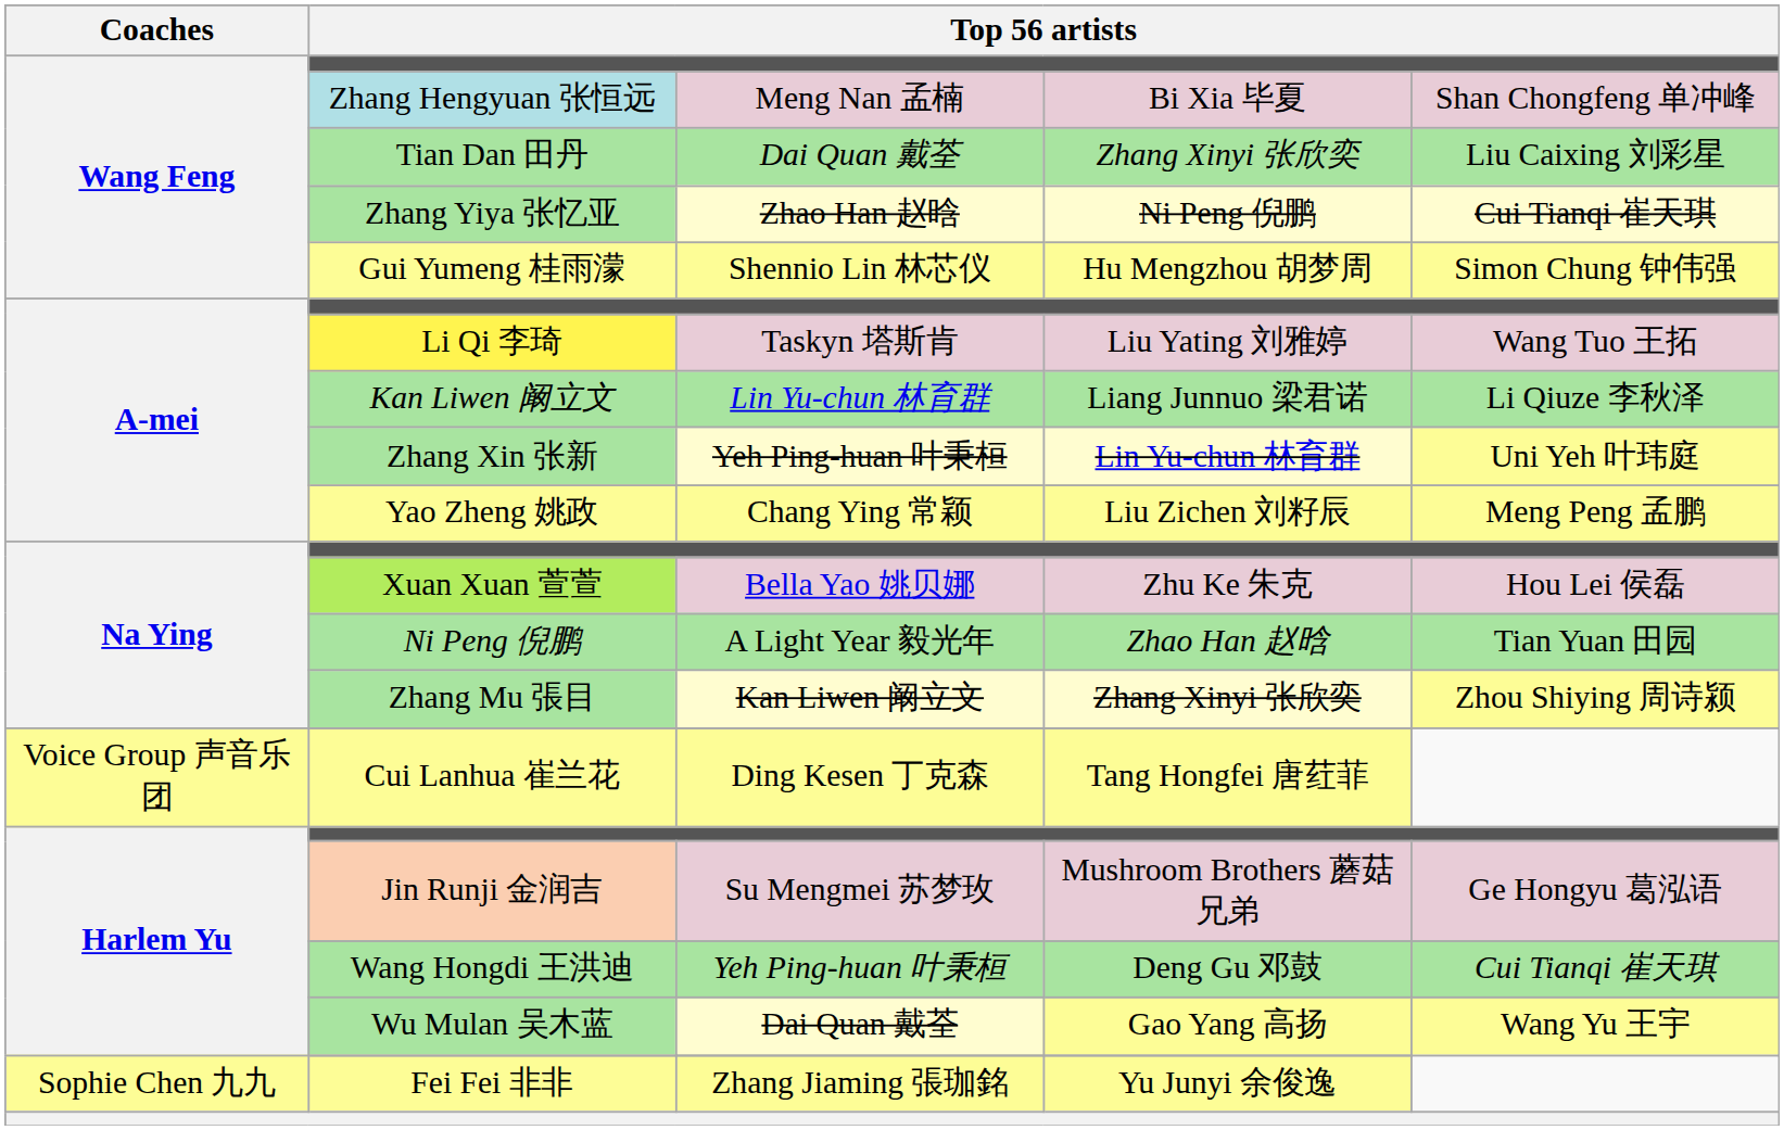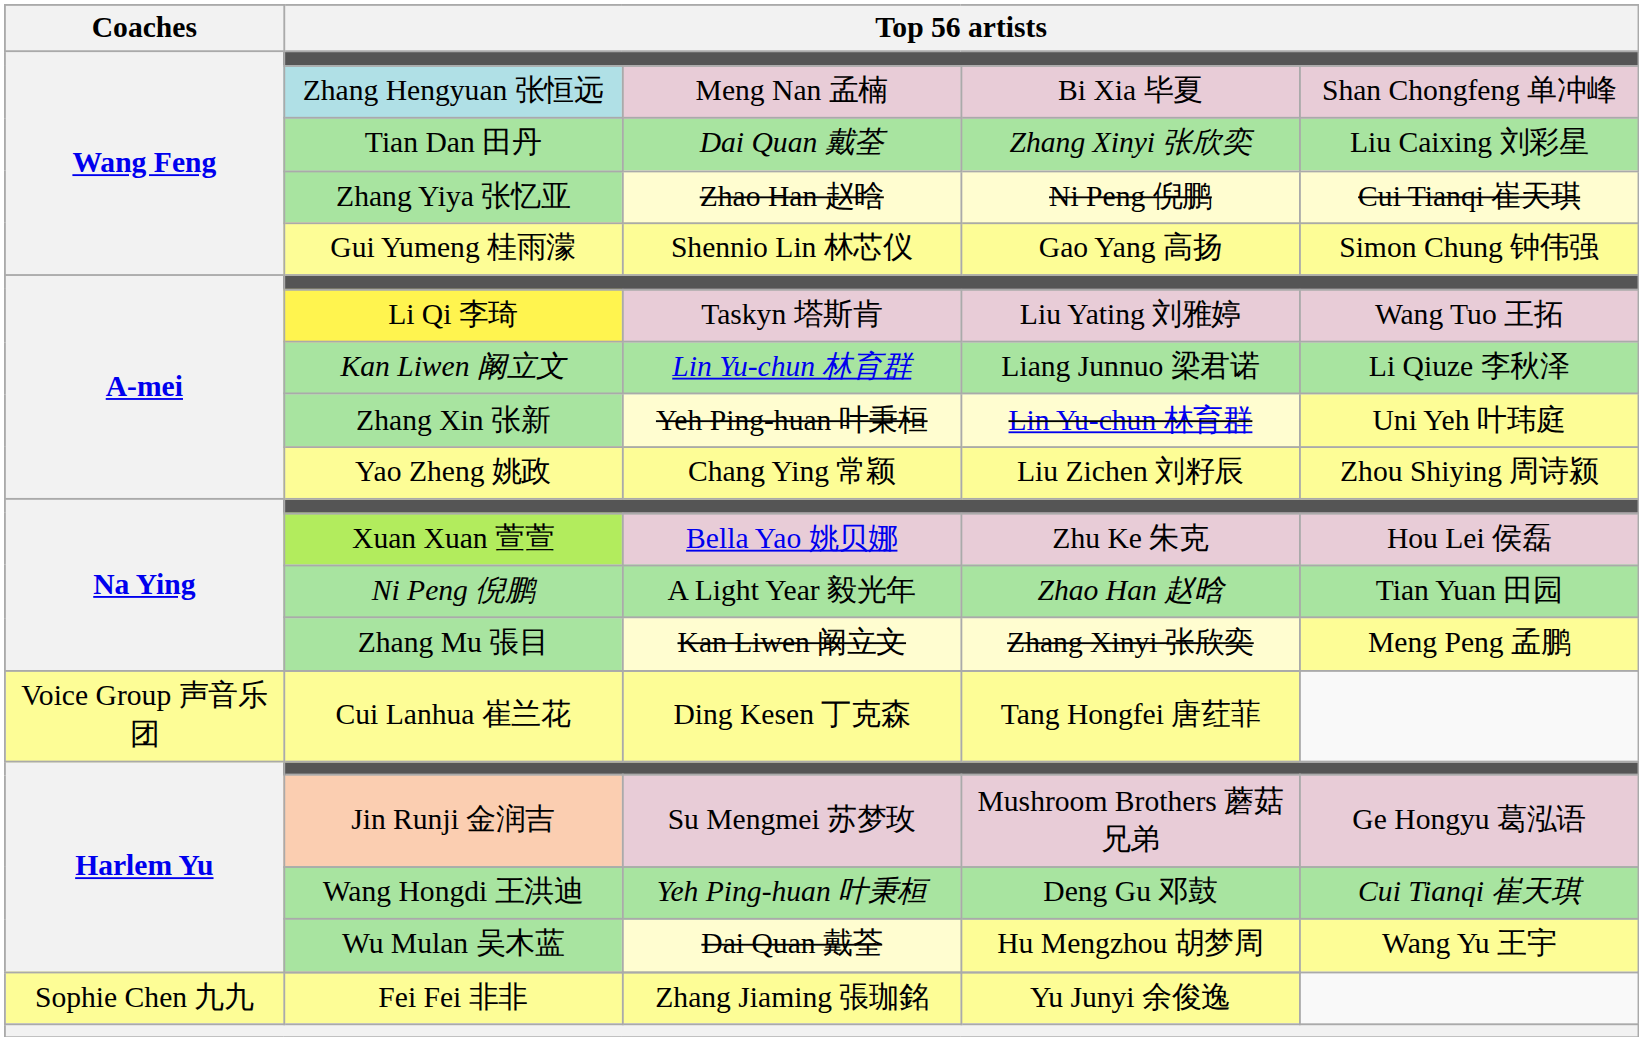 <table class="wikitable" style="text-align:center; width:100%;">
 <tr>
 <th scope="col" style="width:14%;">Coaches</th>
 <th scope="col" colspan=4>Top 56 artists</th>
 </tr>
 <tr>
 <th rowspan=5><a href='#'>Wang Feng</a></th>
 <td colspan=4 style="background:#555;"></td>
 </tr>
 <tr>
 <td width="17%" style="background:#B0E0E6;">Zhang Hengyuan 张恒远</td>
 <td width="17%" style="background:#E8CCD7;">Meng Nan 孟楠</td>
 <td width="17%" style="background:#E8CCD7;">Bi Xia 毕夏</td>
 <td width="17%" style="background:#E8CCD7;">Shan Chongfeng 单冲峰</td>
 </tr>
 <tr style="background: #A8E4A0;">
 <td>Tian Dan 田丹</td>
 <td><em>Dai Quan 戴荃</em></td>
 <td><em>Zhang Xinyi 张欣奕</em></td>
 <td>Liu Caixing 刘彩星</td>
 </tr>
 <tr>
 <td width="17%" style="background:#A8E4A0;">Zhang Yiya 张忆亚</td>
 <td style="background:#FFFDD0;"><s>Zhao Han 赵晗</s></td>
 <td style="background:#FFFDD0;"><s>Ni Peng 倪鹏</s></td>
 <td style="background:#FFFDD0;"><s>Cui Tianqi 崔天琪</s></td>
 </tr>
 <tr>
 <td style="background:#FDFD96;">Gui Yumeng 桂雨濛</td>
 <td style="background:#FDFD96;">Shennio Lin 林芯仪</td>
-<td style="background:#FDFD96;">Hu Mengzhou 胡梦周</td>
+<td style="background:#FDFD96;">Gao Yang 高扬</td>
 <td style="background:#FDFD96;">Simon Chung 钟伟强</td>
 </tr>
 <tr>
 <th rowspan=5><a href='#'>A-mei</a></th>
 <td colspan=4 style="background:#555555;"></td>
 </tr>
 <tr>
 <td width="17%" style="background:#FFF44F;">Li Qi 李琦</td>
 <td width="17%" style="background:#E8CCD7;">Taskyn 塔斯肯</td>
 <td width="17%" style="background:#E8CCD7;">Liu Yating 刘雅婷</td>
 <td width="17%" style="background:#E8CCD7;">Wang Tuo 王拓</td>
 </tr>
 <tr style="background: #A8E4A0;">
 <td><em>Kan Liwen 阚立文</em></td>
 <td><em><a href='#'>Lin Yu-chun 林育群</a></em></td>
 <td>Liang Junnuo 梁君诺</td>
 <td>Li Qiuze 李秋泽</td>
 </tr>
 <tr>
 <td width="17%" style="background:#A8E4A0;">Zhang Xin 张新</td>
 <td style="background:#FFFDD0;"><s>Yeh Ping-huan 叶秉桓</s></td>
 <td style="background:#FFFDD0;"><s><a href='#'>Lin Yu-chun 林育群</a></s></td>
 <td style="background:#FDFD96;">Uni Yeh 叶玮庭</td>
 </tr>
 <tr>
 <td style="background:#FDFD96;">Yao Zheng 姚政</td>
 <td style="background:#FDFD96;">Chang Ying 常颖</td>
 <td style="background:#FDFD96;">Liu Zichen 刘籽辰</td>
-<td style="background:#FDFD96;">Meng Peng 孟鹏</td>
+<td style="background:#FDFD96;">Zhou Shiying 周诗颍</td>
 </tr>
 <tr>
 <th rowspan=5><a href='#'>Na Ying</a></th>
 <td colspan=4 style="background:#555555;"></td>
 </tr>
 <tr>
 <td width="17%" style="background:#B2EC5D;">Xuan Xuan 萱萱</td>
 <td width="17%" style="background:#E8CCD7;"><a href='#'>Bella Yao 姚贝娜</a></td>
 <td width="17%" style="background:#E8CCD7;">Zhu Ke 朱克</td>
 <td width="17%" style="background:#E8CCD7;">Hou Lei 侯磊</td>
 </tr>
 <tr style="background: #A8E4A0;">
 <td><em>Ni Peng 倪鹏</em></td>
 <td>A Light Year 毅光年</td>
 <td><em>Zhao Han 赵晗</em></td>
 <td>Tian Yuan 田园</td>
 </tr>
 <tr>
 <td width="17%" style="background:#A8E4A0;">Zhang Mu 張目</td>
 <td style="background:#FFFDD0;"><s>Kan Liwen 阚立文</s></td>
 <td style="background:#FFFDD0;"><s>Zhang Xinyi 张欣奕</s></td>
-<td style="background:#FDFD96;">Zhou Shiying 周诗颍</td>
+<td style="background:#FDFD96;">Meng Peng 孟鹏</td>
 </tr>
 <tr>
 </tr>
 <tr style="background: #FDFD96;">
 <td>Voice Group 声音乐团</td>
 <td>Cui Lanhua 崔兰花</td>
 <td>Ding Kesen 丁克森</td>
 <td>Tang Hongfei 唐荭菲</td>
 </tr>
 <tr>
 <th rowspan=5><a href='#'>Harlem Yu</a></th>
 <td colspan=4 style="background:#555555;"></td>
 </tr>
 <tr>
 <td width="17%" style="background:#FBCEB1;">Jin Runji 金润吉</td>
 <td width="17%" style="background:#E8CCD7;">Su Mengmei 苏梦玫</td>
 <td width="17%" style="background:#E8CCD7;">Mushroom Brothers 蘑菇兄弟</td>
 <td width="17%" style="background:#E8CCD7;">Ge Hongyu 葛泓语</td>
 </tr>
 <tr style="background: #A8E4A0;">
 <td>Wang Hongdi 王洪迪</td>
 <td><em>Yeh Ping-huan 叶秉桓</em></td>
 <td>Deng Gu 邓鼓</td>
 <td><em>Cui Tianqi 崔天琪</em></td>
 </tr>
 <tr>
 <td width="17%" style="background:#A8E4A0;">Wu Mulan 吴木蓝</td>
 <td style="background:#FFFDD0;"><s>Dai Quan 戴荃</s></td>
-<td style="background:#FDFD96;">Gao Yang 高扬</td>
+<td style="background:#FDFD96;">Hu Mengzhou 胡梦周</td>
 <td style="background:#FDFD96;">Wang Yu 王宇</td>
 </tr>
 <tr>
 </tr>
 <tr style="background: #FDFD96;">
 <td>Sophie Chen 九九</td>
 <td>Fei Fei 非非</td>
 <td>Zhang Jiaming 張珈銘</td>
 <td>Yu Junyi 余俊逸</td>
 </tr>
 <tr>
 <th style="font-size:90%; line-height:12px;" colspan=6></th>
 </tr>
 </table>
